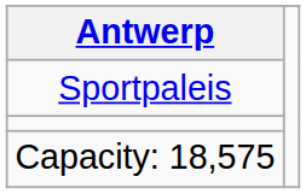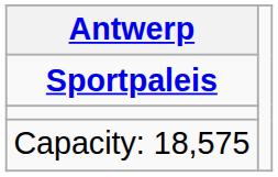 <table class="wikitable" style="text-align:center; margin:1em auto;">
 <tr>
 <th><a href='#'>Antwerp</a></th>
 <td rowspan=4></td>
 </tr>
 <tr>
-<td><a href='#'>Sportpaleis</a></td>
+<td><strong><a href='#'>Sportpaleis</a></strong></td>
 </tr>
 <tr>
 <td></td>
 </tr>
 <tr>
 <td>Capacity: 18,575</td>
 </tr>
 </table>
